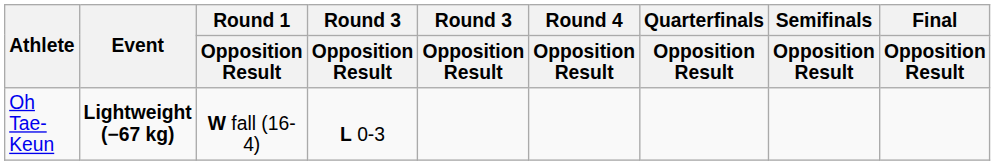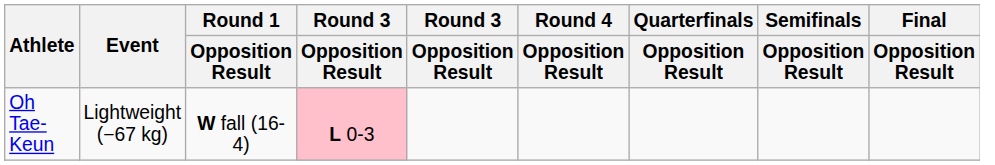 <table class="wikitable" style="font-size:90%; text-align:center;">
 <tr>
 <th rowspan="2">Athlete</th>
 <th rowspan="2">Event</th>
 <th>Round 1</th>
 <th>Round 3</th>
 <th>Round 3</th>
 <th>Round 4</th>
 <th>Quarterfinals</th>
 <th>Semifinals</th>
 <th>Final</th>
 </tr>
 <tr>
 <th>Opposition<br>Result</th>
 <th>Opposition<br>Result</th>
 <th>Opposition<br>Result</th>
 <th>Opposition<br>Result</th>
 <th>Opposition<br>Result</th>
 <th>Opposition<br>Result</th>
 <th>Opposition<br>Result</th>
 </tr>
 <tr>
 <td align=left><a href='#'>Oh Tae-Keun</a></td>
-<td><strong>Lightweight (−67 kg)</strong></td>
+<td>Lightweight (−67 kg)</td>
 <td><br><strong>W</strong> fall (16-4)</td>
-<td><br><strong>L</strong> 0-3</td>
+<td style="background: pink;"><br><strong>L</strong> 0-3</td>
 <td></td>
 <td></td>
 <td></td>
 <td></td>
 <td></td>
 </tr>
 </table>
